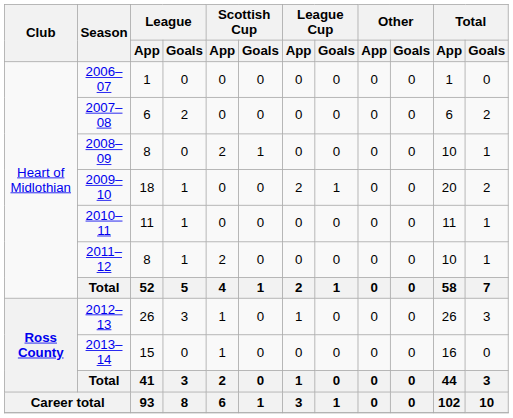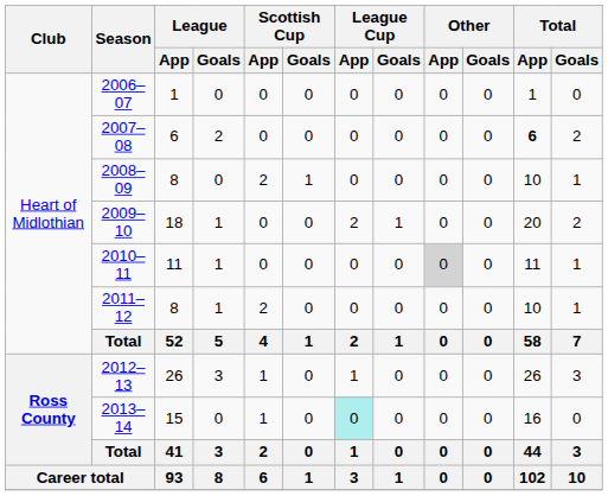 <table class="wikitable">
 <tr>
 <th rowspan=2>Club</th>
 <th rowspan=2>Season</th>
 <th colspan=2>League</th>
 <th colspan=2>Scottish Cup</th>
 <th colspan=2>League Cup</th>
 <th colspan=2>Other</th>
 <th colspan=2>Total</th>
 </tr>
 <tr>
 <th>App</th>
 <th>Goals</th>
 <th>App</th>
 <th>Goals</th>
 <th>App</th>
 <th>Goals</th>
 <th>App</th>
 <th>Goals</th>
 <th>App</th>
 <th>Goals</th>
 </tr>
 <tr align=center>
 <td rowspan=7><a href='#'>Heart of Midlothian</a></td>
 <td><a href='#'>2006–07</a></td>
 <td>1</td>
 <td>0</td>
 <td>0</td>
 <td>0</td>
 <td>0</td>
 <td>0</td>
 <td>0</td>
 <td>0</td>
 <td>1</td>
 <td>0</td>
 </tr>
 <tr align=center>
 <td><a href='#'>2007–08</a></td>
 <td>6</td>
 <td>2</td>
 <td>0</td>
 <td>0</td>
 <td>0</td>
 <td>0</td>
 <td>0</td>
 <td>0</td>
-<td>6</td>
+<td><strong>6</strong></td>
 <td>2</td>
 </tr>
 <tr align=center>
 <td><a href='#'>2008–09</a></td>
 <td>8</td>
 <td>0</td>
 <td>2</td>
 <td>1</td>
 <td>0</td>
 <td>0</td>
 <td>0</td>
 <td>0</td>
 <td>10</td>
 <td>1</td>
 </tr>
 <tr align=center>
 <td><a href='#'>2009–10</a></td>
 <td>18</td>
 <td>1</td>
 <td>0</td>
 <td>0</td>
 <td>2</td>
 <td>1</td>
 <td>0</td>
 <td>0</td>
 <td>20</td>
 <td>2</td>
 </tr>
 <tr align=center>
 <td><a href='#'>2010–11</a></td>
 <td>11</td>
 <td>1</td>
 <td>0</td>
 <td>0</td>
 <td>0</td>
 <td>0</td>
-<td>0</td>
+<td style="background: lightgrey;">0</td>
 <td>0</td>
 <td>11</td>
 <td>1</td>
 </tr>
 <tr align=center>
 <td><a href='#'>2011–12</a></td>
 <td>8</td>
 <td>1</td>
 <td>2</td>
 <td>0</td>
 <td>0</td>
 <td>0</td>
 <td>0</td>
 <td>0</td>
 <td>10</td>
 <td>1</td>
 </tr>
 <tr align=center>
 <th colspan="1">Total</th>
 <th>52</th>
 <th>5</th>
 <th>4</th>
 <th>1</th>
 <th>2</th>
 <th>1</th>
 <th>0</th>
 <th>0</th>
 <th>58</th>
 <th>7</th>
 </tr>
 <tr align=center>
 <th rowspan=3><a href='#'>Ross County</a></th>
 <td><a href='#'>2012–13</a></td>
 <td>26</td>
 <td>3</td>
 <td>1</td>
 <td>0</td>
 <td>1</td>
 <td>0</td>
 <td>0</td>
 <td>0</td>
 <td>26</td>
 <td>3</td>
 </tr>
 <tr align=center>
 <td><a href='#'>2013–14</a></td>
 <td>15</td>
 <td>0</td>
 <td>1</td>
 <td>0</td>
-<td>0</td>
+<td style="background: paleturquoise;">0</td>
 <td>0</td>
 <td>0</td>
 <td>0</td>
 <td>16</td>
 <td>0</td>
 </tr>
 <tr align=center>
 <th colspan="1">Total</th>
 <th>41</th>
 <th>3</th>
 <th>2</th>
 <th>0</th>
 <th>1</th>
 <th>0</th>
 <th>0</th>
 <th>0</th>
 <th>44</th>
 <th>3</th>
 </tr>
 <tr align=center>
 <th colspan="2">Career total</th>
 <th>93</th>
 <th>8</th>
 <th>6</th>
 <th>1</th>
 <th>3</th>
 <th>1</th>
 <th>0</th>
 <th>0</th>
 <th>102</th>
 <th>10</th>
 </tr>
 <tr>
 </tr>
 </table>
